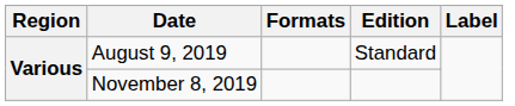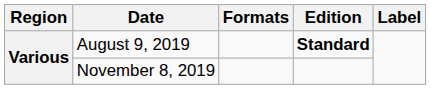 <table class="wikitable plainrowheaders">
 <tr>
 <th scope="col">Region</th>
 <th scope="col">Date</th>
 <th scope="col">Formats</th>
 <th scope="col">Edition</th>
 <th scope="col">Label</th>
 </tr>
 <tr>
 <th scope="row"rowspan="2">Various</th>
 <td>August 9, 2019</td>
 <td></td>
-<td>Standard</td>
+<td><strong>Standard</strong></td>
 <td rowspan="2"></td>
 </tr>
 <tr>
 <td>November 8, 2019</td>
 <td></td>
 <td></td>
 </tr>
 </table>
